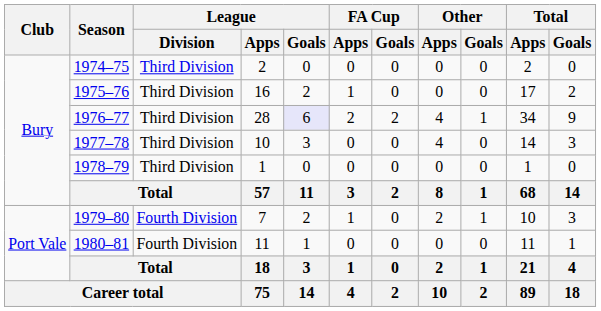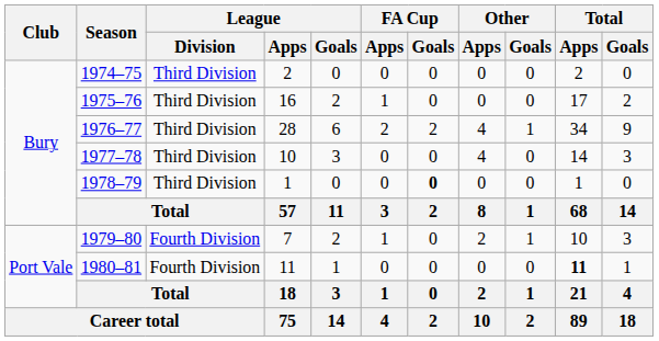 <table class="wikitable" style="text-align: center;">
 <tr>
 <th rowspan="2">Club</th>
 <th rowspan="2">Season</th>
 <th colspan="3">League</th>
 <th colspan="2">FA Cup</th>
 <th colspan="2">Other</th>
 <th colspan="2">Total</th>
 </tr>
 <tr>
 <th>Division</th>
 <th>Apps</th>
 <th>Goals</th>
 <th>Apps</th>
 <th>Goals</th>
 <th>Apps</th>
 <th>Goals</th>
 <th>Apps</th>
 <th>Goals</th>
 </tr>
 <tr>
 <td rowspan="6"><a href='#'>Bury</a></td>
 <td><a href='#'>1974–75</a></td>
 <td><a href='#'>Third Division</a></td>
 <td>2</td>
 <td>0</td>
 <td>0</td>
 <td>0</td>
 <td>0</td>
 <td>0</td>
 <td>2</td>
 <td>0</td>
 </tr>
 <tr>
 <td><a href='#'>1975–76</a></td>
 <td>Third Division</td>
 <td>16</td>
 <td>2</td>
 <td>1</td>
 <td>0</td>
 <td>0</td>
 <td>0</td>
 <td>17</td>
 <td>2</td>
 </tr>
 <tr>
 <td><a href='#'>1976–77</a></td>
 <td>Third Division</td>
 <td>28</td>
-<td style="background: lavender;">6</td>
+<td>6</td>
 <td>2</td>
 <td>2</td>
 <td>4</td>
 <td>1</td>
 <td>34</td>
 <td>9</td>
 </tr>
 <tr>
 <td><a href='#'>1977–78</a></td>
 <td>Third Division</td>
 <td>10</td>
 <td>3</td>
 <td>0</td>
 <td>0</td>
 <td>4</td>
 <td>0</td>
 <td>14</td>
 <td>3</td>
 </tr>
 <tr>
 <td><a href='#'>1978–79</a></td>
 <td>Third Division</td>
 <td>1</td>
 <td>0</td>
 <td>0</td>
-<td>0</td>
+<td><strong>0</strong></td>
 <td>0</td>
 <td>0</td>
 <td>1</td>
 <td>0</td>
 </tr>
 <tr>
 <th colspan="2">Total</th>
 <th>57</th>
 <th>11</th>
 <th>3</th>
 <th>2</th>
 <th>8</th>
 <th>1</th>
 <th>68</th>
 <th>14</th>
 </tr>
 <tr>
 <td rowspan="3"><a href='#'>Port Vale</a></td>
 <td><a href='#'>1979–80</a></td>
 <td><a href='#'>Fourth Division</a></td>
 <td>7</td>
 <td>2</td>
 <td>1</td>
 <td>0</td>
 <td>2</td>
 <td>1</td>
 <td>10</td>
 <td>3</td>
 </tr>
 <tr>
 <td><a href='#'>1980–81</a></td>
 <td>Fourth Division</td>
 <td>11</td>
 <td>1</td>
 <td>0</td>
 <td>0</td>
 <td>0</td>
 <td>0</td>
-<td>11</td>
+<td><strong>11</strong></td>
 <td>1</td>
 </tr>
 <tr>
 <th colspan="2">Total</th>
 <th>18</th>
 <th>3</th>
 <th>1</th>
 <th>0</th>
 <th>2</th>
 <th>1</th>
 <th>21</th>
 <th>4</th>
 </tr>
 <tr>
 <th colspan="3">Career total</th>
 <th>75</th>
 <th>14</th>
 <th>4</th>
 <th>2</th>
 <th>10</th>
 <th>2</th>
 <th>89</th>
 <th>18</th>
 </tr>
 </table>
